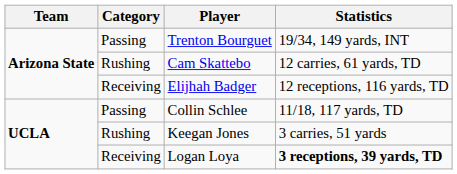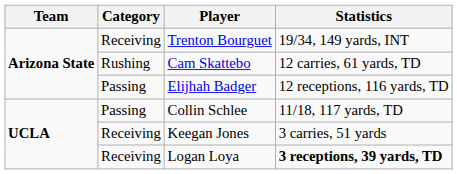 <table class="wikitable" style="float: right;">
 <tr>
 <th>Team</th>
 <th>Category</th>
 <th>Player</th>
 <th>Statistics</th>
 </tr>
 <tr>
 <td rowspan=3><strong>Arizona State</strong></td>
-<td>Passing</td>
+<td>Receiving</td>
 <td><a href='#'>Trenton Bourguet</a></td>
 <td>19/34, 149 yards, INT</td>
 </tr>
 <tr>
 <td>Rushing</td>
 <td><a href='#'>Cam Skattebo</a></td>
 <td>12 carries, 61 yards, TD</td>
 </tr>
 <tr>
-<td>Receiving</td>
+<td>Passing</td>
 <td><a href='#'>Elijhah Badger</a></td>
 <td>12 receptions, 116 yards, TD</td>
 </tr>
 <tr>
 <td rowspan=3><strong>UCLA</strong></td>
 <td>Passing</td>
 <td>Collin Schlee</td>
 <td>11/18, 117 yards, TD</td>
 </tr>
 <tr>
-<td>Rushing</td>
+<td>Receiving</td>
 <td>Keegan Jones</td>
 <td>3 carries, 51 yards</td>
 </tr>
 <tr>
 <td>Receiving</td>
 <td>Logan Loya</td>
 <td><strong>3 receptions, 39 yards, TD</strong></td>
 </tr>
 </table>
